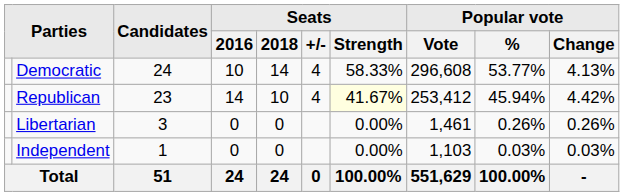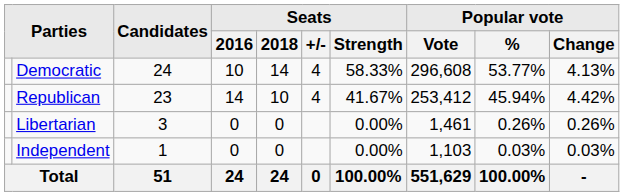 <table class=wikitable>
 <tr>
 <th style="background-color:#E9E9E9" align=center rowspan= 2 colspan=2>Parties</th>
 <th style="background-color:#E9E9E9" align=center rowspan= 2>Candidates</th>
 <th style="background-color:#E9E9E9" align=center colspan=4>Seats</th>
 <th style="background-color:#E9E9E9" align=center colspan=3>Popular vote</th>
 </tr>
 <tr>
 <th align=center>2016</th>
 <th align=center>2018</th>
 <th align=center>+/-</th>
 <th align=center>Strength</th>
 <th align=center>Vote</th>
 <th align=center>%</th>
 <th align=center>Change</th>
 </tr>
 <tr>
 <td></td>
 <td align=left><a href='#'>Democratic</a></td>
 <td align=center>24</td>
 <td align=center>10</td>
 <td align=center >14</td>
 <td align=center> 4</td>
 <td align=right >58.33%</td>
 <td align=right >296,608</td>
 <td align=right >53.77%</td>
 <td align=right> 4.13%</td>
 </tr>
 <tr>
 <td></td>
 <td align=left><a href='#'>Republican</a></td>
 <td align=center>23</td>
 <td align=center >14</td>
 <td align=center>10</td>
 <td align=center> 4</td>
-<td align=right style="background: lightyellow;">41.67%</td>
+<td align=right>41.67%</td>
 <td align=right>253,412</td>
 <td align=right>45.94%</td>
 <td align=right> 4.42%</td>
 </tr>
 <tr>
 <td></td>
 <td align=left><a href='#'>Libertarian</a></td>
 <td align=center>3</td>
 <td align=center>0</td>
 <td align=center>0</td>
 <td align=center><br></td>
 <td align=right>0.00%</td>
 <td align=right>1,461</td>
 <td align=right>0.26%</td>
 <td align=right> 0.26%</td>
 </tr>
 <tr>
 <td></td>
 <td><a href='#'>Independent</a></td>
 <td align=center>1</td>
 <td align=center>0</td>
 <td align=center>0</td>
 <td align=center><br></td>
 <td align=right>0.00%</td>
 <td align=right>1,103</td>
 <td align=right>0.03%</td>
 <td align=right> 0.03%</td>
 </tr>
 <tr>
 <th align=center colspan="2">Total</th>
 <th align=center>51</th>
 <th align=center>24</th>
 <th align=center>24</th>
 <th align=center>0</th>
 <th align=center>100.00%</th>
 <th align=center>551,629</th>
 <th align=center>100.00%</th>
 <th align=center>-</th>
 </tr>
 </table>
